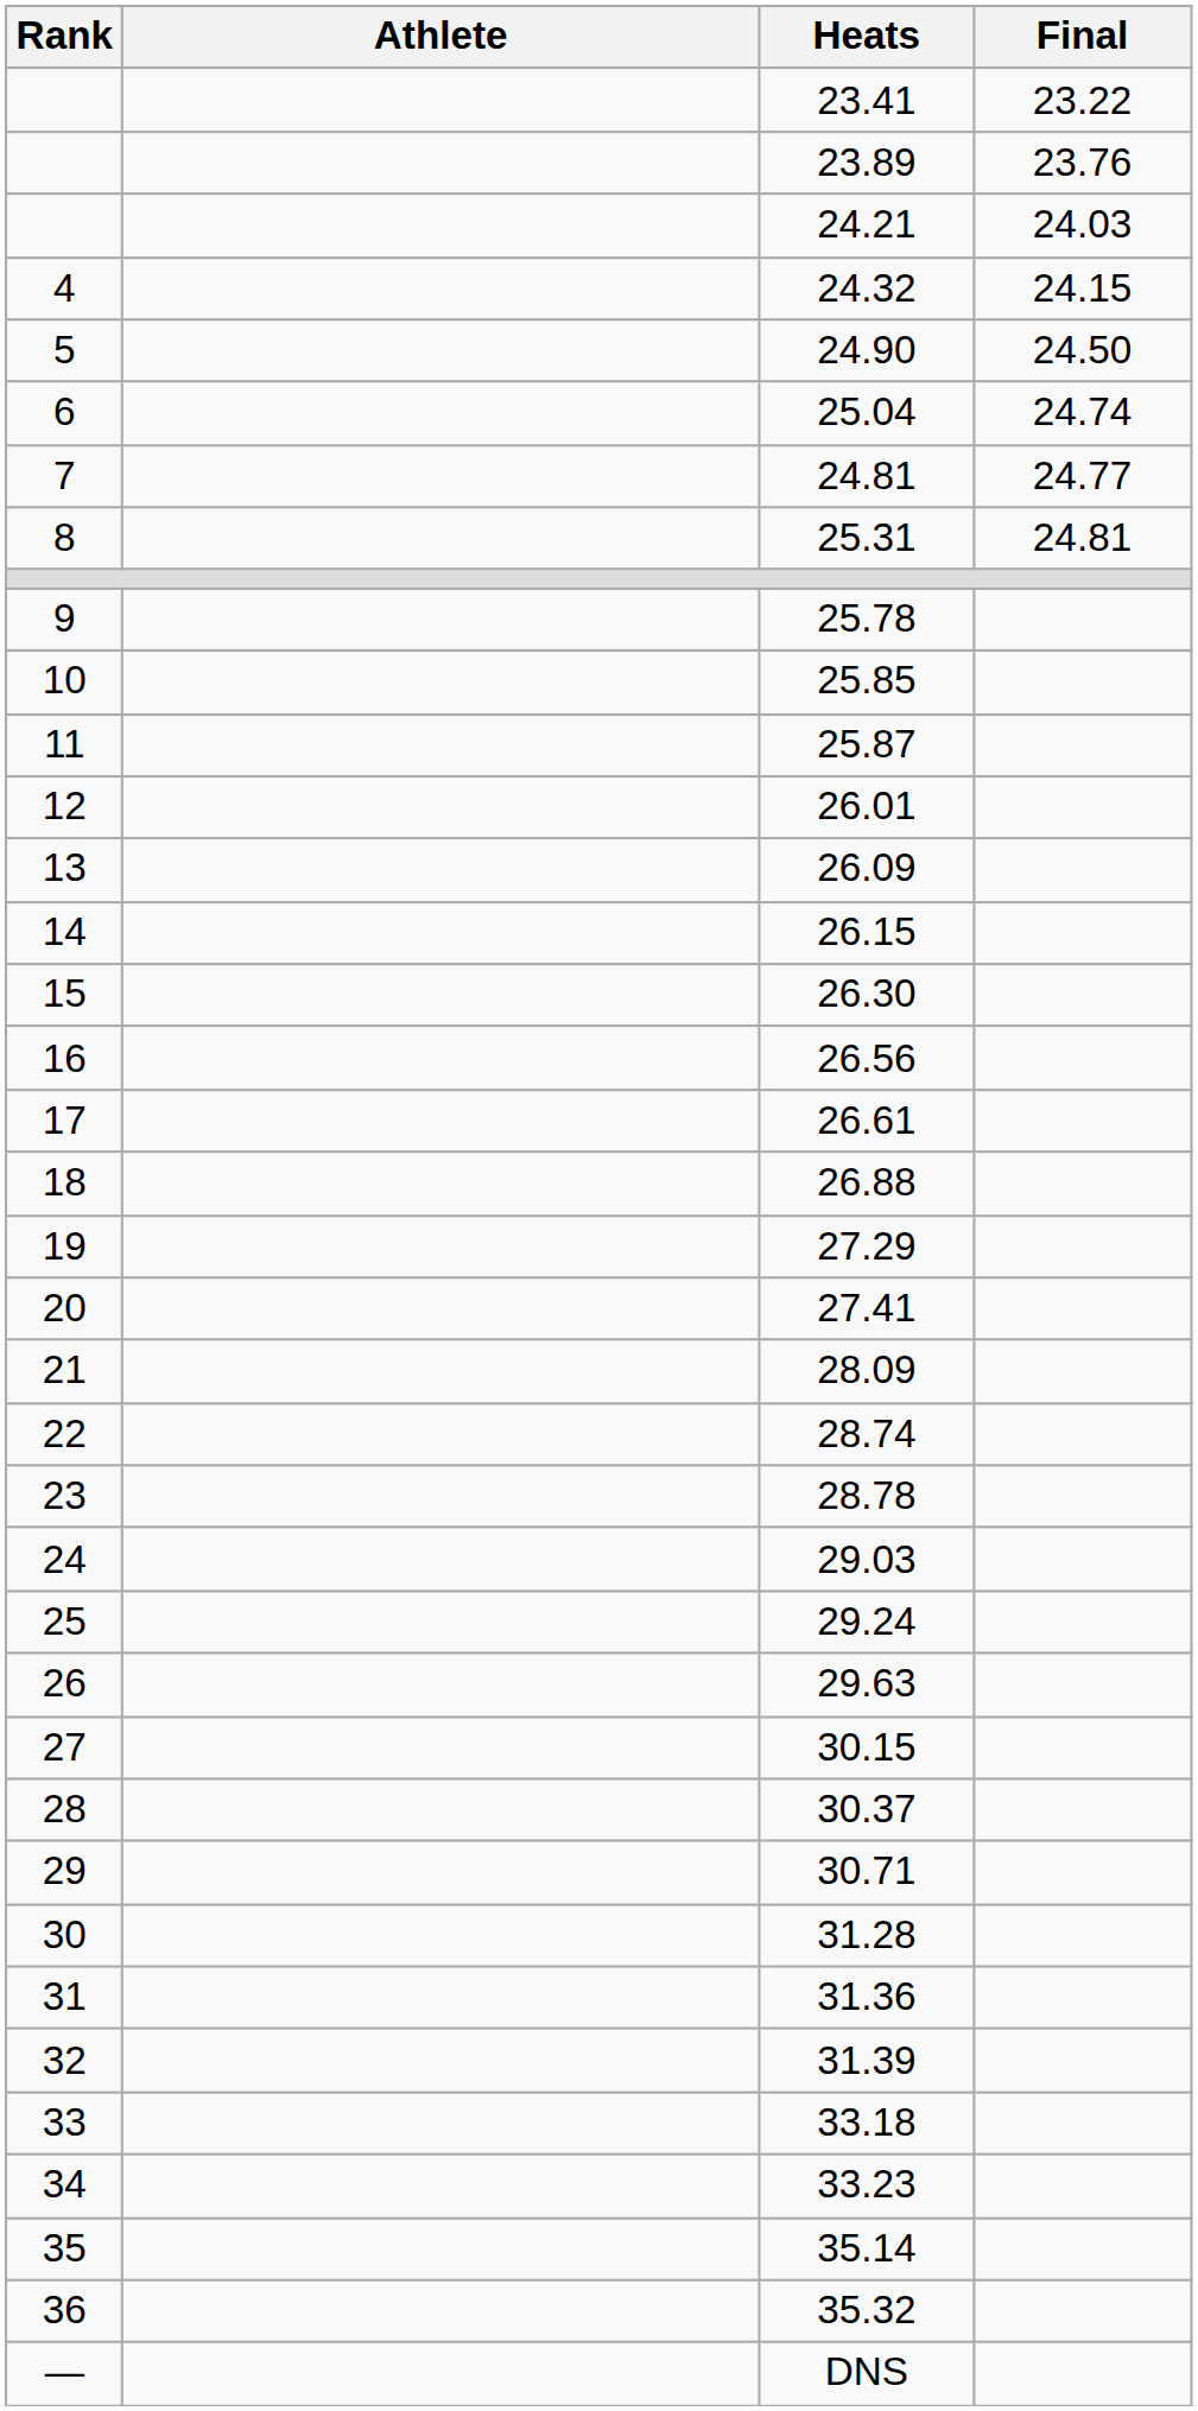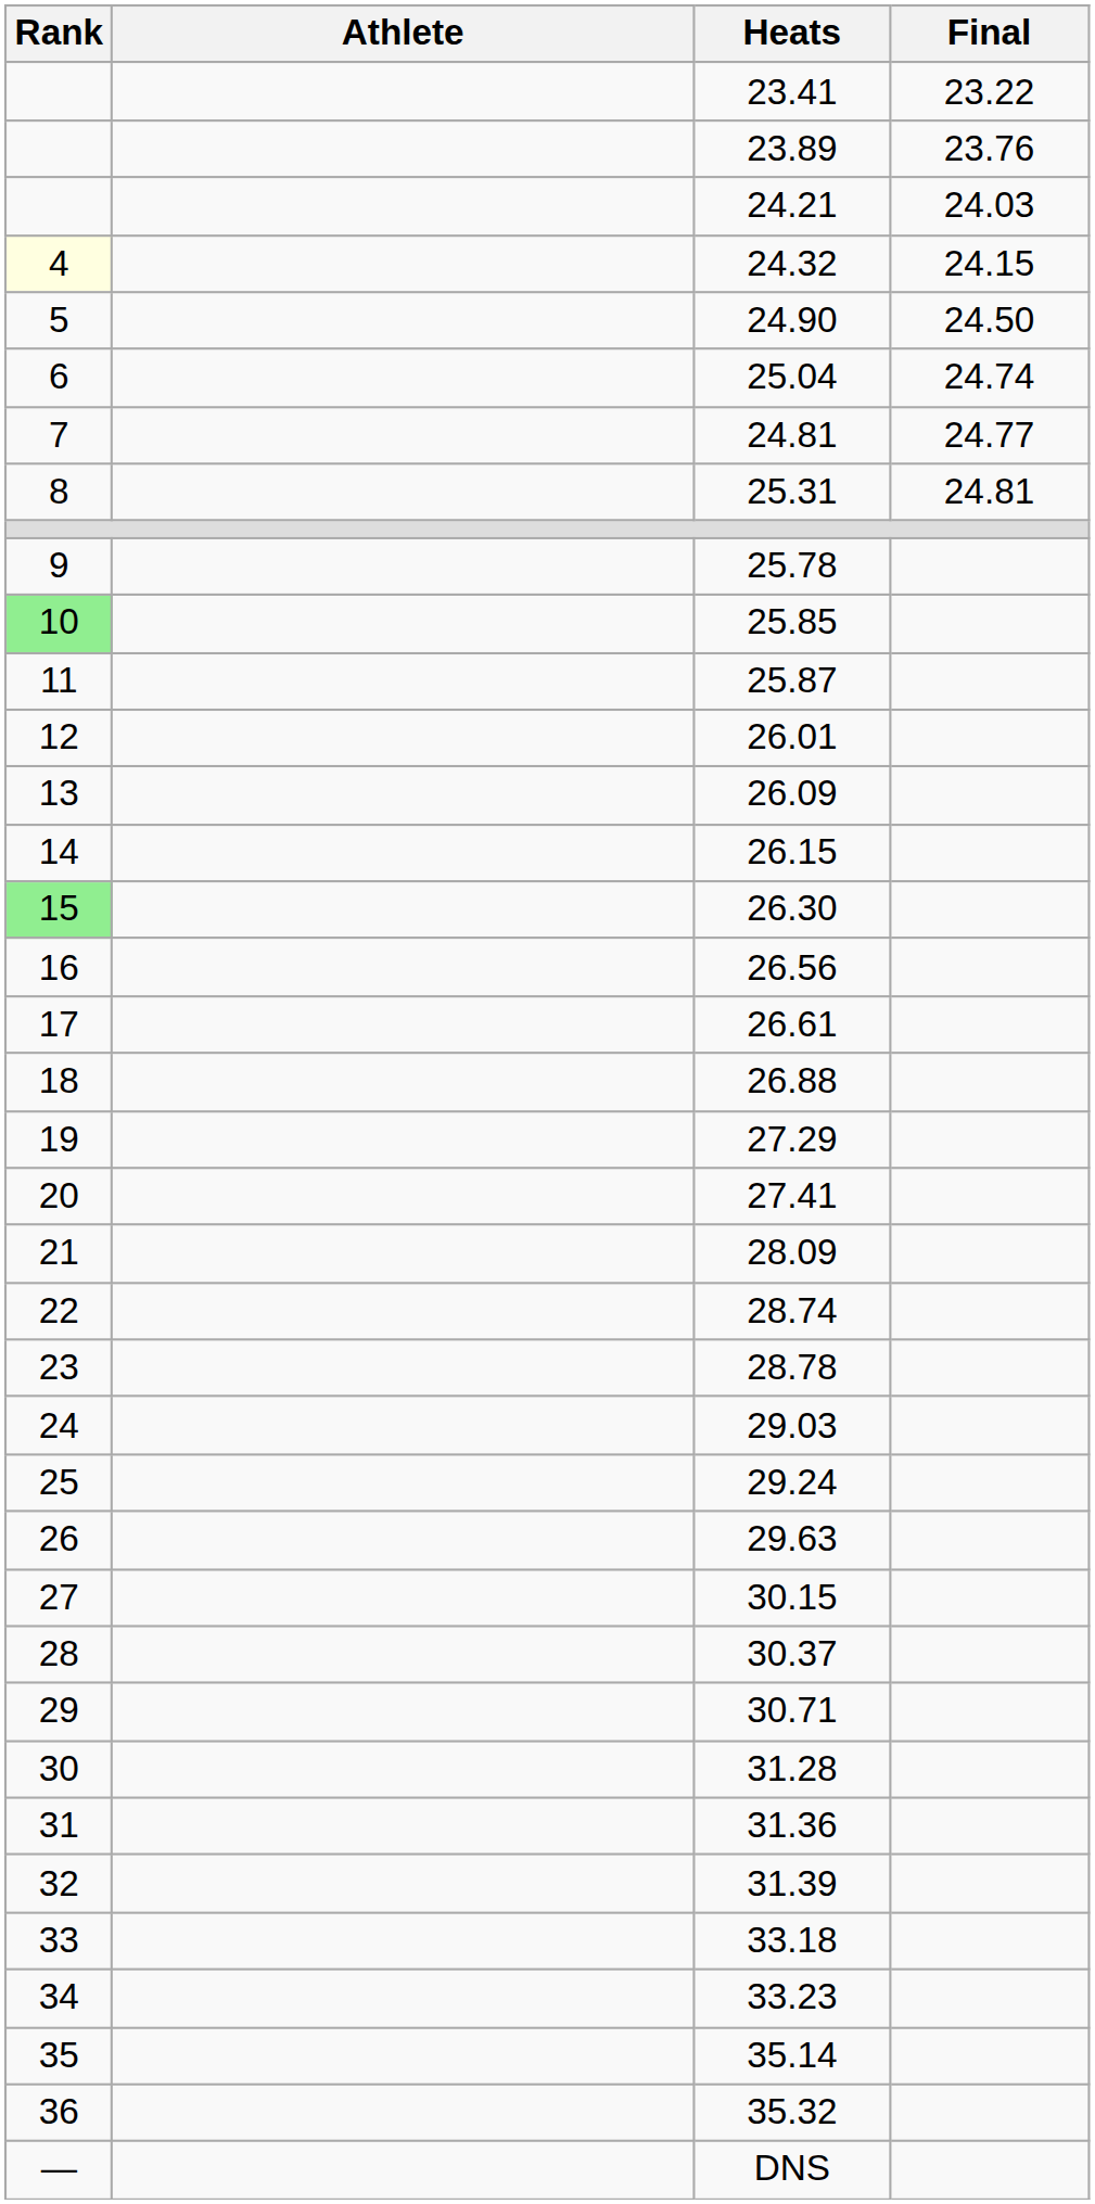 <table class=wikitable style="text-align:center">
 <tr>
 <th width=40>Rank</th>
 <th width=250>Athlete</th>
 <th width=80>Heats</th>
 <th width=80>Final</th>
 </tr>
 <tr>
 <td></td>
 <td align=left></td>
 <td>23.41</td>
 <td>23.22</td>
 </tr>
 <tr>
 <td></td>
 <td align=left></td>
 <td>23.89</td>
 <td>23.76</td>
 </tr>
 <tr>
 <td></td>
 <td align=left></td>
 <td>24.21</td>
 <td>24.03</td>
 </tr>
 <tr>
-<td>4</td>
+<td style="background: lightyellow;">4</td>
 <td align=left></td>
 <td>24.32</td>
 <td>24.15</td>
 </tr>
 <tr>
 <td>5</td>
 <td align=left></td>
 <td>24.90</td>
 <td>24.50</td>
 </tr>
 <tr>
 <td>6</td>
 <td align=left></td>
 <td>25.04</td>
 <td>24.74</td>
 </tr>
 <tr>
 <td>7</td>
 <td align=left></td>
 <td>24.81</td>
 <td>24.77</td>
 </tr>
 <tr>
 <td>8</td>
 <td align=left></td>
 <td>25.31</td>
 <td>24.81</td>
 </tr>
 <tr bgcolor=#DDDDDD>
 <td colspan=4></td>
 </tr>
 <tr>
 <td>9</td>
 <td align=left></td>
 <td>25.78</td>
 <td></td>
 </tr>
 <tr>
-<td>10</td>
+<td style="background: lightgreen;">10</td>
 <td align=left></td>
 <td>25.85</td>
 <td></td>
 </tr>
 <tr>
 <td>11</td>
 <td align=left></td>
 <td>25.87</td>
 <td></td>
 </tr>
 <tr>
 <td>12</td>
 <td align=left></td>
 <td>26.01</td>
 <td></td>
 </tr>
 <tr>
 <td>13</td>
 <td align=left></td>
 <td>26.09</td>
 <td></td>
 </tr>
 <tr>
 <td>14</td>
 <td align=left></td>
 <td>26.15</td>
 <td></td>
 </tr>
 <tr>
-<td>15</td>
+<td style="background: lightgreen;">15</td>
 <td align=left></td>
 <td>26.30</td>
 <td></td>
 </tr>
 <tr>
 <td>16</td>
 <td align=left></td>
 <td>26.56</td>
 <td></td>
 </tr>
 <tr>
 <td>17</td>
 <td align=left></td>
 <td>26.61</td>
 <td></td>
 </tr>
 <tr>
 <td>18</td>
 <td align=left></td>
 <td>26.88</td>
 <td></td>
 </tr>
 <tr>
 <td>19</td>
 <td align=left></td>
 <td>27.29</td>
 <td></td>
 </tr>
 <tr>
 <td>20</td>
 <td align=left></td>
 <td>27.41</td>
 <td></td>
 </tr>
 <tr>
 <td>21</td>
 <td align=left></td>
 <td>28.09</td>
 <td></td>
 </tr>
 <tr>
 <td>22</td>
 <td align=left></td>
 <td>28.74</td>
 <td></td>
 </tr>
 <tr>
 <td>23</td>
 <td align=left></td>
 <td>28.78</td>
 <td></td>
 </tr>
 <tr>
 <td>24</td>
 <td align=left></td>
 <td>29.03</td>
 <td></td>
 </tr>
 <tr>
 <td>25</td>
 <td align=left></td>
 <td>29.24</td>
 <td></td>
 </tr>
 <tr>
 <td>26</td>
 <td align=left></td>
 <td>29.63</td>
 <td></td>
 </tr>
 <tr>
 <td>27</td>
 <td align=left></td>
 <td>30.15</td>
 <td></td>
 </tr>
 <tr>
 <td>28</td>
 <td align=left></td>
 <td>30.37</td>
 <td></td>
 </tr>
 <tr>
 <td>29</td>
 <td align=left></td>
 <td>30.71</td>
 <td></td>
 </tr>
 <tr>
 <td>30</td>
 <td align=left></td>
 <td>31.28</td>
 <td></td>
 </tr>
 <tr>
 <td>31</td>
 <td align=left></td>
 <td>31.36</td>
 <td></td>
 </tr>
 <tr>
 <td>32</td>
 <td align=left></td>
 <td>31.39</td>
 <td></td>
 </tr>
 <tr>
 <td>33</td>
 <td align=left></td>
 <td>33.18</td>
 <td></td>
 </tr>
 <tr>
 <td>34</td>
 <td align=left></td>
 <td>33.23</td>
 <td></td>
 </tr>
 <tr>
 <td>35</td>
 <td align=left></td>
 <td>35.14</td>
 <td></td>
 </tr>
 <tr>
 <td>36</td>
 <td align=left></td>
 <td>35.32</td>
 <td></td>
 </tr>
 <tr>
 <td>—</td>
 <td align=left></td>
 <td>DNS</td>
 <td></td>
 </tr>
 </table>
